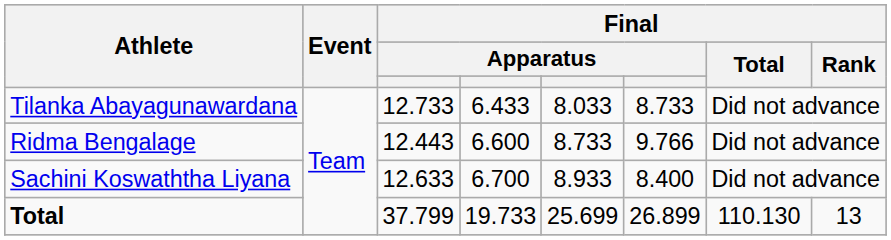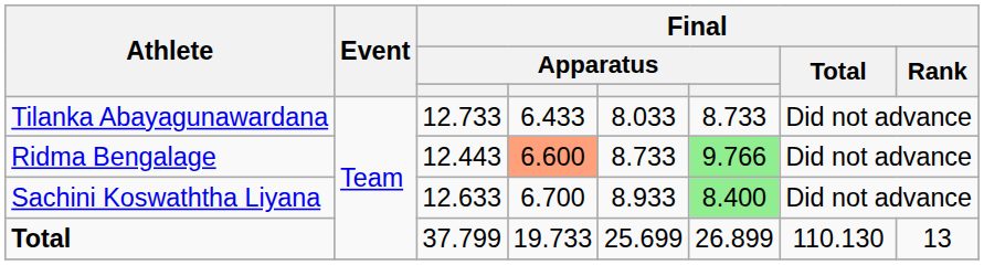 <table class="wikitable" style="font-size:90%">
 <tr>
 <th rowspan=3>Athlete</th>
 <th rowspan=3>Event</th>
 <th colspan=6>Final</th>
 </tr>
 <tr style="font-size:95%">
 <th colspan=4>Apparatus</th>
 <th rowspan=2>Total</th>
 <th rowspan=2>Rank</th>
 </tr>
 <tr style="font-size:95%">
 <th></th>
 <th></th>
 <th></th>
 <th></th>
 </tr>
 <tr align=center>
 <td align=left><a href='#'>Tilanka Abayagunawardana</a></td>
 <td align=left rowspan=4><a href='#'>Team</a></td>
 <td>12.733</td>
 <td>6.433</td>
 <td>8.033</td>
 <td>8.733</td>
 <td colspan=2>Did not advance</td>
 </tr>
 <tr align=center>
 <td align=left><a href='#'>Ridma Bengalage</a></td>
 <td>12.443</td>
-<td>6.600</td>
+<td style="background: lightsalmon;">6.600</td>
 <td>8.733</td>
-<td>9.766</td>
+<td style="background: lightgreen;">9.766</td>
 <td colspan=2>Did not advance</td>
 </tr>
 <tr align=center>
 <td align=left><a href='#'>Sachini Koswaththa Liyana</a></td>
 <td>12.633</td>
 <td>6.700</td>
 <td>8.933</td>
-<td>8.400</td>
+<td style="background: lightgreen;">8.400</td>
 <td colspan=2>Did not advance</td>
 </tr>
 <tr align=center>
 <td align=left><strong>Total</strong></td>
 <td>37.799</td>
 <td>19.733</td>
 <td>25.699</td>
 <td>26.899</td>
 <td>110.130</td>
 <td>13</td>
 </tr>
 </table>
